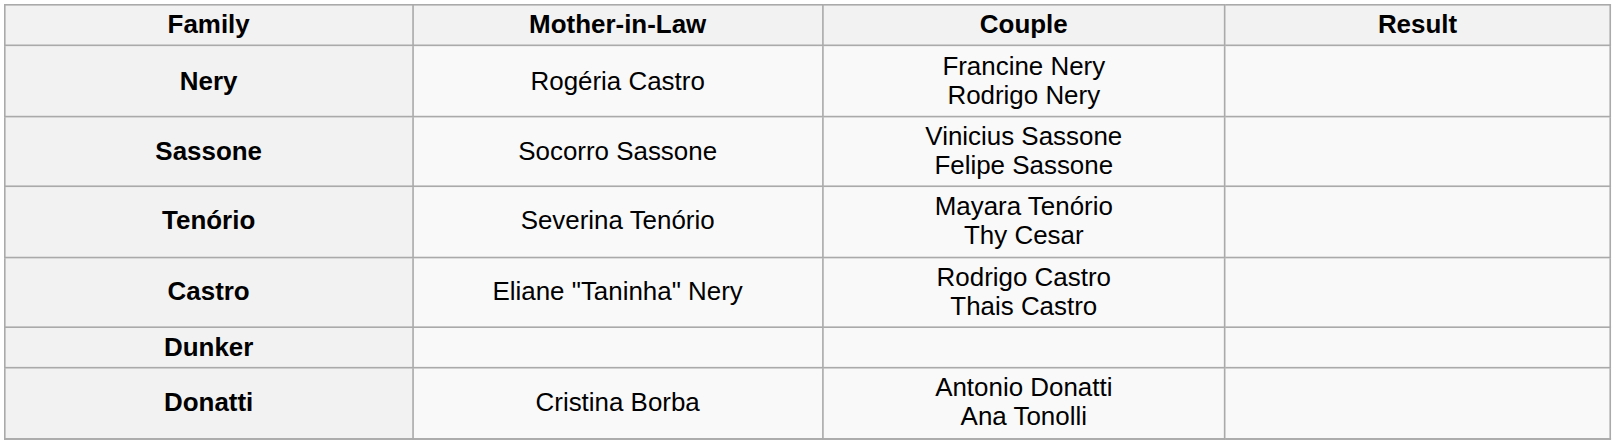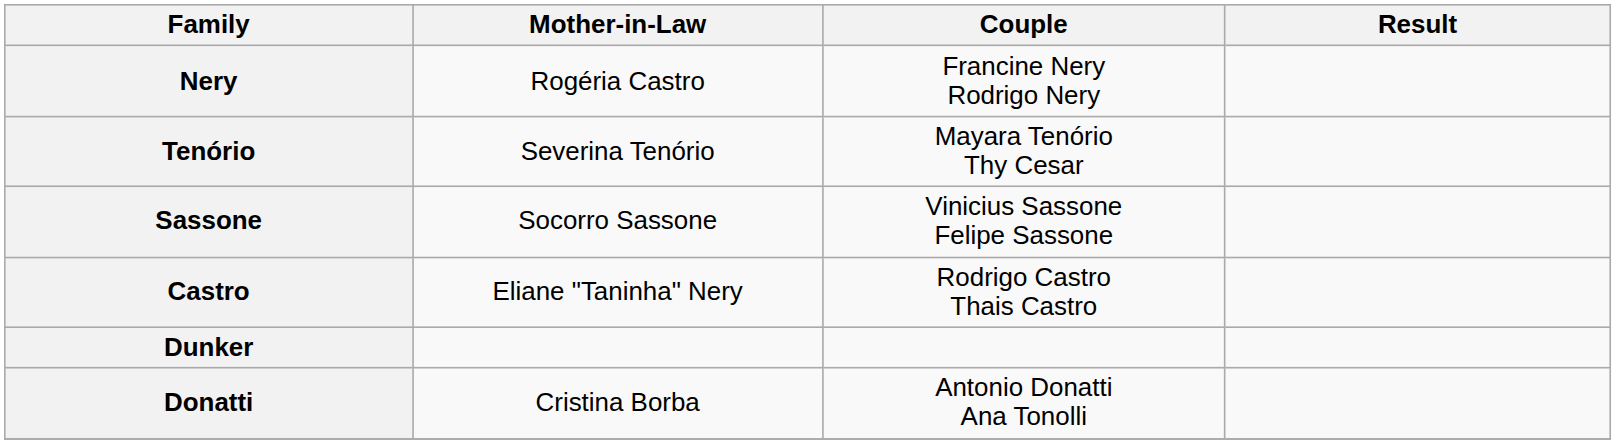 <table class="wikitable" style="text-align:center; font-size:100%; width: 50%">
 <tr>
 <th width="06%">Family</th>
 <th width="06%">Mother-in-Law</th>
 <th width="06%">Couple</th>
 <th width="06%">Result</th>
 </tr>
 <tr>
 <th>Nery</th>
 <td>Rogéria Castro</td>
 <td>Francine Nery <br>Rodrigo Nery </td>
 <td></td>
 </tr>
 <tr>
+<th>Tenório</th>
+<td>Severina Tenório</td>
+<td>Mayara Tenório <br>Thy Cesar </td>
+<td></td>
+</tr>
+<tr>
 <th>Sassone</th>
 <td>Socorro Sassone</td>
 <td>Vinicius Sassone <br>Felipe Sassone </td>
-<td></td>
-</tr>
-<tr>
-<th>Tenório</th>
-<td>Severina Tenório</td>
-<td>Mayara Tenório <br>Thy Cesar </td>
 <td></td>
 </tr>
 <tr>
 <th>Castro</th>
 <td>Eliane "Taninha" Nery</td>
 <td>Rodrigo Castro <br>Thais Castro </td>
 <td></td>
 </tr>
 <tr>
 <th>Dunker</th>
 <td></td>
 <td></td>
 <td></td>
 </tr>
 <tr>
 <th>Donatti</th>
 <td>Cristina Borba</td>
 <td>Antonio Donatti <br>Ana Tonolli </td>
 <td></td>
 </tr>
 <tr>
 </tr>
 </table>
